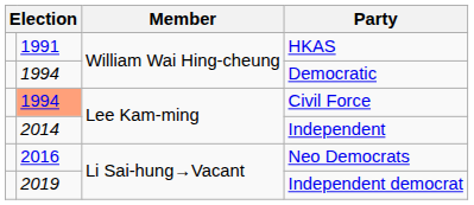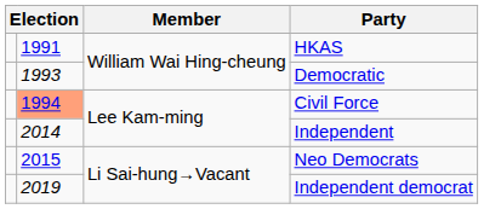 <table class="wikitable">
 <tr>
 <th colspan="2">Election</th>
 <th>Member</th>
 <th>Party</th>
 </tr>
 <tr>
 <td style="background-color: "></td>
 <td><a href='#'>1991</a></td>
 <td rowspan=2>William Wai Hing-cheung</td>
 <td><a href='#'>HKAS</a></td>
 </tr>
 <tr>
 <td style="background-color: "></td>
-<td><em>1994</em></td>
+<td><em>1993</em></td>
 <td><a href='#'>Democratic</a></td>
 </tr>
 <tr>
 <td style="background-color: "></td>
 <td style="background: lightsalmon;"><a href='#'>1994</a></td>
 <td rowspan=2>Lee Kam-ming</td>
 <td><a href='#'>Civil Force</a></td>
 </tr>
 <tr>
 <td style="background-color: "></td>
 <td><em>2014</em></td>
 <td><a href='#'>Independent</a></td>
 </tr>
 <tr>
 <td style="background-color: "></td>
-<td><a href='#'>2016</a></td>
+<td><a href='#'>2015</a></td>
 <td rowspan=2>Li Sai-hung→Vacant</td>
 <td><a href='#'>Neo Democrats</a></td>
 </tr>
 <tr>
 <td style="background-color: "></td>
 <td><em>2019</em></td>
 <td><a href='#'>Independent democrat</a></td>
 </tr>
 </table>
